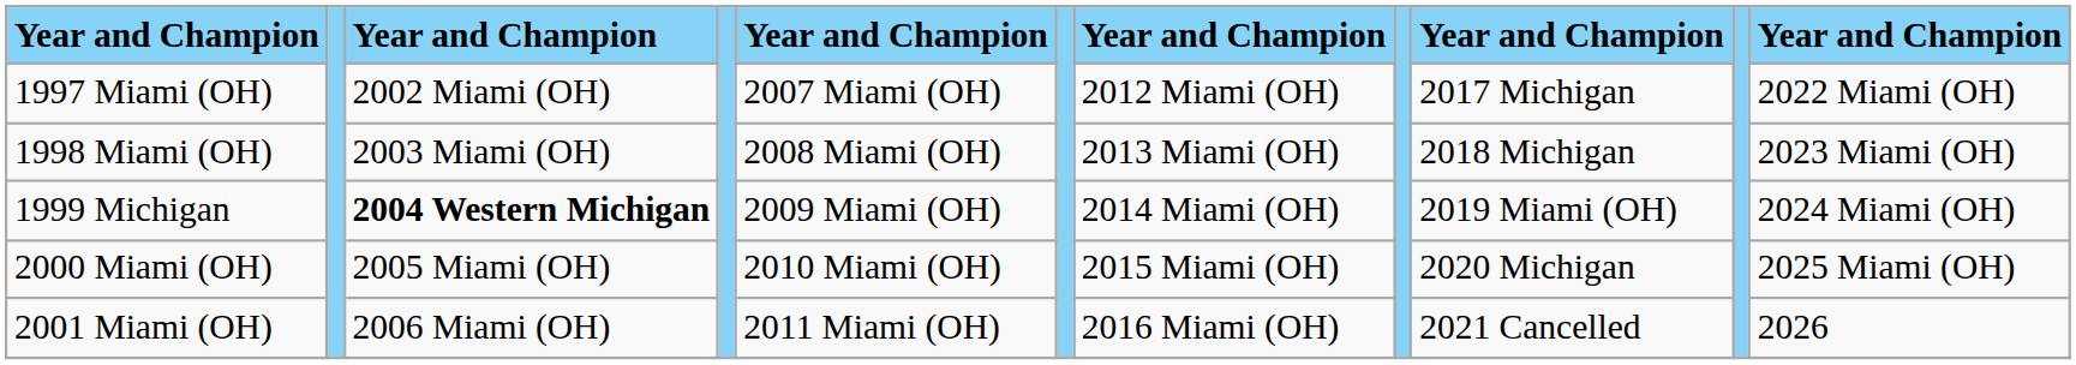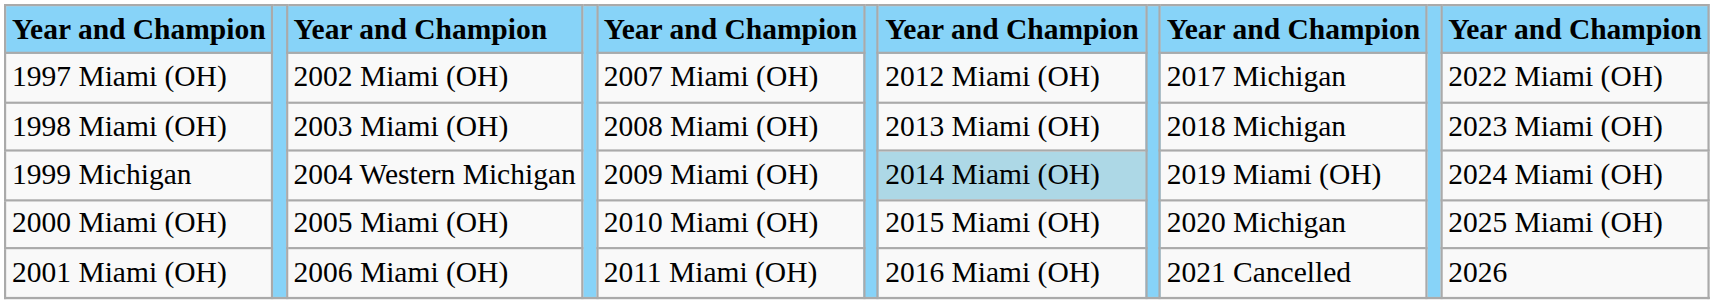 <table class="wikitable" style="font-size:85%;">
 <tr ! style="background-color: #87D3F8;">
 <td><strong>Year and Champion</strong></td>
 <td rowspan=6></td>
 <td><strong>Year and Champion</strong></td>
 <td rowspan=6></td>
 <td><strong>Year and Champion</strong></td>
 <td rowspan=6></td>
 <td><strong>Year and Champion</strong></td>
 <td rowspan=6></td>
 <td><strong>Year and Champion</strong></td>
 <td rowspan=6></td>
 <td><strong>Year and Champion</strong></td>
 </tr>
 <tr --->
 <td>1997 Miami (OH)</td>
 <td>2002 Miami (OH)</td>
 <td>2007 Miami (OH)</td>
 <td>2012 Miami (OH)</td>
 <td>2017 Michigan</td>
 <td>2022 Miami (OH)</td>
 </tr>
 <tr --->
 <td>1998 Miami (OH)</td>
 <td>2003 Miami (OH)</td>
 <td>2008 Miami (OH)</td>
 <td>2013 Miami (OH)</td>
 <td>2018 Michigan</td>
 <td>2023 Miami (OH)</td>
 </tr>
 <tr --->
 <td>1999 Michigan</td>
-<td><strong>2004 Western Michigan</strong></td>
+<td>2004 Western Michigan</td>
 <td>2009 Miami (OH)</td>
-<td>2014 Miami (OH)</td>
+<td style="background: lightblue;">2014 Miami (OH)</td>
 <td>2019 Miami (OH)</td>
 <td>2024 Miami (OH)</td>
 </tr>
 <tr --->
 <td>2000 Miami (OH)</td>
 <td>2005 Miami (OH)</td>
 <td>2010 Miami (OH)</td>
 <td>2015 Miami (OH)</td>
 <td>2020 Michigan</td>
 <td>2025 Miami (OH)</td>
 </tr>
 <tr --->
 <td>2001 Miami (OH)</td>
 <td>2006 Miami (OH)</td>
 <td>2011 Miami (OH)</td>
 <td>2016 Miami (OH)</td>
 <td>2021 Cancelled</td>
 <td>2026</td>
 </tr>
 <tr --->
 </tr>
 </table>
